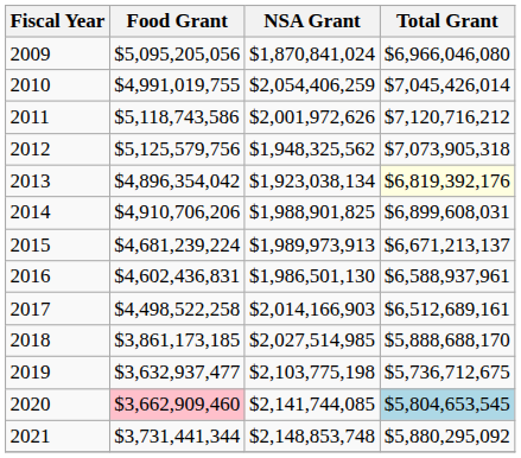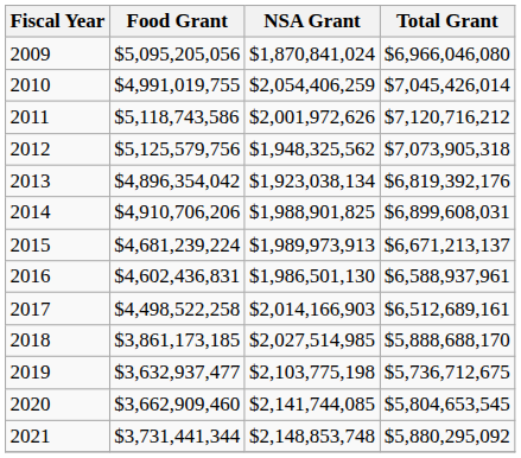 <table class="wikitable">
 <tr>
 <th>Fiscal Year</th>
 <th>Food Grant</th>
 <th>NSA Grant</th>
 <th>Total Grant</th>
 </tr>
 <tr>
 <td>2009</td>
 <td>$5,095,205,056</td>
 <td>$1,870,841,024</td>
 <td>$6,966,046,080</td>
 </tr>
 <tr>
 <td>2010</td>
 <td>$4,991,019,755</td>
 <td>$2,054,406,259</td>
 <td>$7,045,426,014</td>
 </tr>
 <tr>
 <td>2011</td>
 <td>$5,118,743,586</td>
 <td>$2,001,972,626</td>
 <td>$7,120,716,212</td>
 </tr>
 <tr>
 <td>2012</td>
 <td>$5,125,579,756</td>
 <td>$1,948,325,562</td>
 <td>$7,073,905,318</td>
 </tr>
 <tr>
 <td>2013</td>
 <td>$4,896,354,042</td>
 <td>$1,923,038,134</td>
-<td style="background: lightyellow;">$6,819,392,176</td>
+<td>$6,819,392,176</td>
 </tr>
 <tr>
 <td>2014</td>
 <td>$4,910,706,206</td>
 <td>$1,988,901,825</td>
 <td>$6,899,608,031</td>
 </tr>
 <tr>
 <td>2015</td>
 <td>$4,681,239,224</td>
 <td>$1,989,973,913</td>
 <td>$6,671,213,137</td>
 </tr>
 <tr>
 <td>2016</td>
 <td>$4,602,436,831</td>
 <td>$1,986,501,130</td>
 <td>$6,588,937,961</td>
 </tr>
 <tr>
 <td>2017</td>
 <td>$4,498,522,258</td>
 <td>$2,014,166,903</td>
 <td>$6,512,689,161</td>
 </tr>
 <tr>
 <td>2018</td>
 <td>$3,861,173,185</td>
 <td>$2,027,514,985</td>
 <td>$5,888,688,170</td>
 </tr>
 <tr>
 <td>2019</td>
 <td>$3,632,937,477</td>
 <td>$2,103,775,198</td>
 <td>$5,736,712,675</td>
 </tr>
 <tr>
 <td>2020</td>
-<td style="background: pink;">$3,662,909,460</td>
+<td>$3,662,909,460</td>
 <td>$2,141,744,085</td>
-<td style="background: lightblue;">$5,804,653,545</td>
+<td>$5,804,653,545</td>
 </tr>
 <tr>
 <td>2021</td>
 <td>$3,731,441,344</td>
 <td>$2,148,853,748</td>
 <td>$5,880,295,092</td>
 </tr>
 <tr>
 </tr>
 </table>
